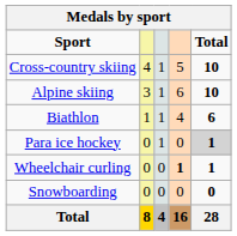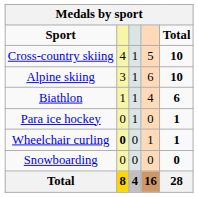 <table class="wikitable" style="font-size:85%;float:right;clear:right;margin-left:1em;">
 <tr style="background:#efefef;">
 <th colspan=5>Medals by sport</th>
 </tr>
 <tr align=center>
 <td><strong>Sport</strong></td>
 <td style="background:#f7f6a8;"></td>
 <td style="background:#dce5e5;"></td>
 <td style="background:#ffdab9;"></td>
 <td><strong>Total</strong></td>
 </tr>
 <tr align=center>
 <td><a href='#'>Cross-country skiing</a></td>
 <td style="background:#f7f6a8;">4</td>
 <td style="background:#dce5e5;">1</td>
 <td style="background:#ffdab9;">5</td>
 <td><strong>10</strong></td>
 </tr>
 <tr align=center>
 <td><a href='#'>Alpine skiing</a></td>
 <td style="background:#f7f6a8;">3</td>
 <td style="background:#dce5e5;">1</td>
 <td style="background:#ffdab9;">6</td>
 <td><strong>10</strong></td>
 </tr>
 <tr align=center>
 <td><a href='#'>Biathlon</a></td>
 <td style="background:#f7f6a8;">1</td>
 <td style="background:#dce5e5;">1</td>
 <td style="background:#ffdab9;">4</td>
 <td><strong>6</strong></td>
 </tr>
 <tr align=center>
 <td><a href='#'>Para ice hockey</a></td>
 <td style="background:#f7f6a8;">0</td>
 <td style="background:#dce5e5;">1</td>
 <td style="background:#ffdab9;">0</td>
-<td style="background: lightgrey;"><strong>1</strong></td>
+<td><strong>1</strong></td>
 </tr>
 <tr align=center>
 <td><a href='#'>Wheelchair curling</a></td>
-<td style="background:#f7f6a8;">0</td>
+<td style="background:#f7f6a8;"><strong>0</strong></td>
 <td style="background:#dce5e5;">0</td>
-<td style="background:#ffdab9;"><strong>1</strong></td>
+<td style="background:#ffdab9;">1</td>
 <td><strong>1</strong></td>
 </tr>
 <tr align=center>
 <td><a href='#'>Snowboarding</a></td>
 <td style="background:#f7f6a8;">0</td>
 <td style="background:#dce5e5;">0</td>
 <td style="background:#ffdab9;">0</td>
 <td><strong>0</strong></td>
 </tr>
 <tr align=center>
 <th>Total</th>
 <th style="background:gold;">8</th>
 <th style="background:silver;">4</th>
 <th style="background:#c96;">16</th>
 <th>28</th>
 </tr>
 </table>
